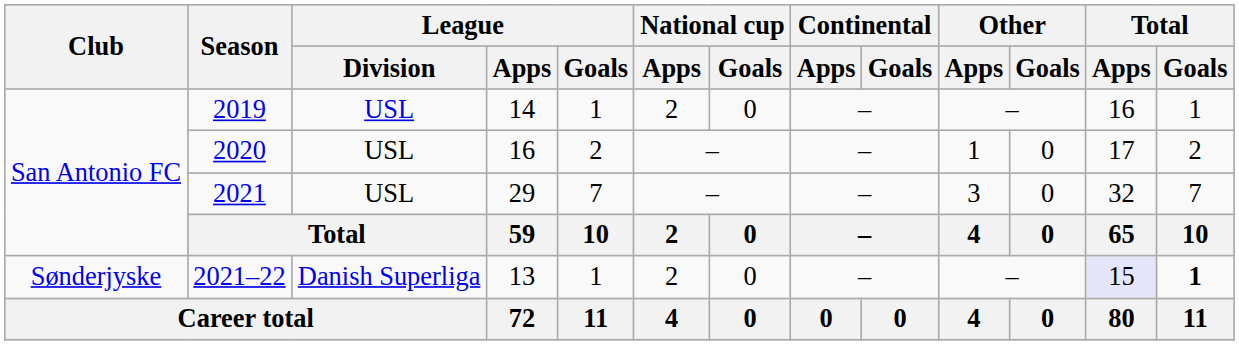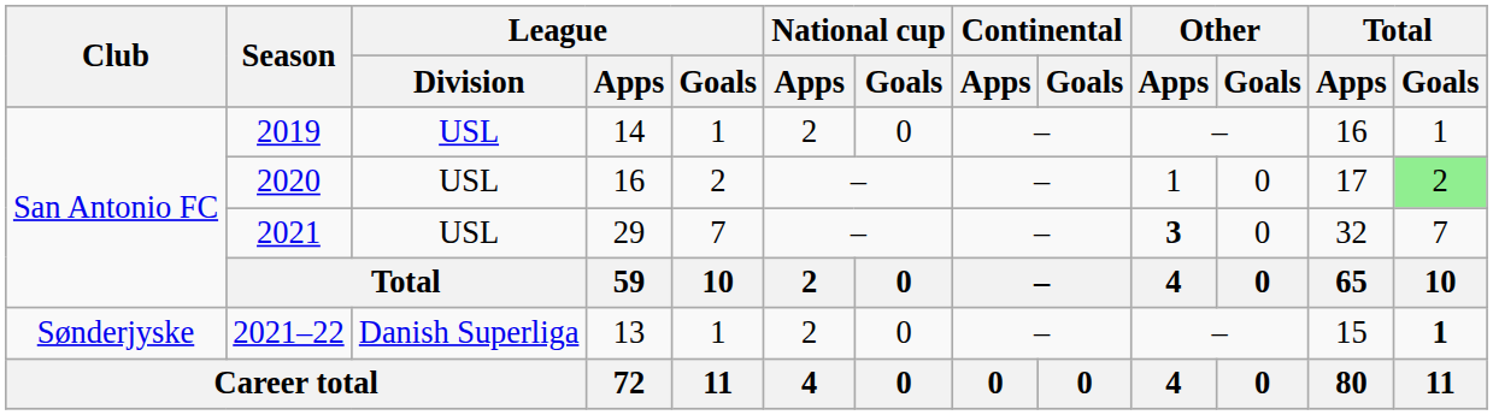 <table class="wikitable" style="text-align: center">
 <tr>
 <th rowspan="2">Club</th>
 <th rowspan="2">Season</th>
 <th colspan="3">League</th>
 <th colspan="2">National cup</th>
 <th colspan="2">Continental</th>
 <th colspan="2">Other</th>
 <th colspan="2">Total</th>
 </tr>
 <tr>
 <th>Division</th>
 <th>Apps</th>
 <th>Goals</th>
 <th>Apps</th>
 <th>Goals</th>
 <th>Apps</th>
 <th>Goals</th>
 <th>Apps</th>
 <th>Goals</th>
 <th>Apps</th>
 <th>Goals</th>
 </tr>
 <tr>
 <td rowspan="4"><a href='#'>San Antonio FC</a></td>
 <td><a href='#'>2019</a></td>
 <td><a href='#'>USL</a></td>
 <td>14</td>
 <td>1</td>
 <td>2</td>
 <td>0</td>
 <td colspan="2">–</td>
 <td colspan="2">–</td>
 <td>16</td>
 <td>1</td>
 </tr>
 <tr>
 <td><a href='#'>2020</a></td>
 <td>USL</td>
 <td>16</td>
 <td>2</td>
 <td colspan="2">–</td>
 <td colspan="2">–</td>
 <td>1</td>
 <td>0</td>
 <td>17</td>
-<td>2</td>
+<td style="background: lightgreen;">2</td>
 </tr>
 <tr>
 <td><a href='#'>2021</a></td>
 <td>USL</td>
 <td>29</td>
 <td>7</td>
 <td colspan="2">–</td>
 <td colspan="2">–</td>
-<td>3</td>
+<td><strong>3</strong></td>
 <td>0</td>
 <td>32</td>
 <td>7</td>
 </tr>
 <tr>
 <th colspan="2">Total</th>
 <th>59</th>
 <th>10</th>
 <th>2</th>
 <th>0</th>
 <th colspan="2">–</th>
 <th>4</th>
 <th>0</th>
 <th>65</th>
 <th>10</th>
 </tr>
 <tr>
 <td rowspan="1"><a href='#'>Sønderjyske</a></td>
 <td><a href='#'>2021–22</a></td>
 <td><a href='#'>Danish Superliga</a></td>
 <td>13</td>
 <td>1</td>
 <td>2</td>
 <td>0</td>
 <td colspan="2">–</td>
 <td colspan="2">–</td>
-<td style="background: lavender;">15</td>
+<td>15</td>
 <td><strong>1</strong></td>
 </tr>
 <tr>
 <th colspan="3">Career total</th>
 <th>72</th>
 <th>11</th>
 <th>4</th>
 <th>0</th>
 <th>0</th>
 <th>0</th>
 <th>4</th>
 <th>0</th>
 <th>80</th>
 <th>11</th>
 </tr>
 </table>
